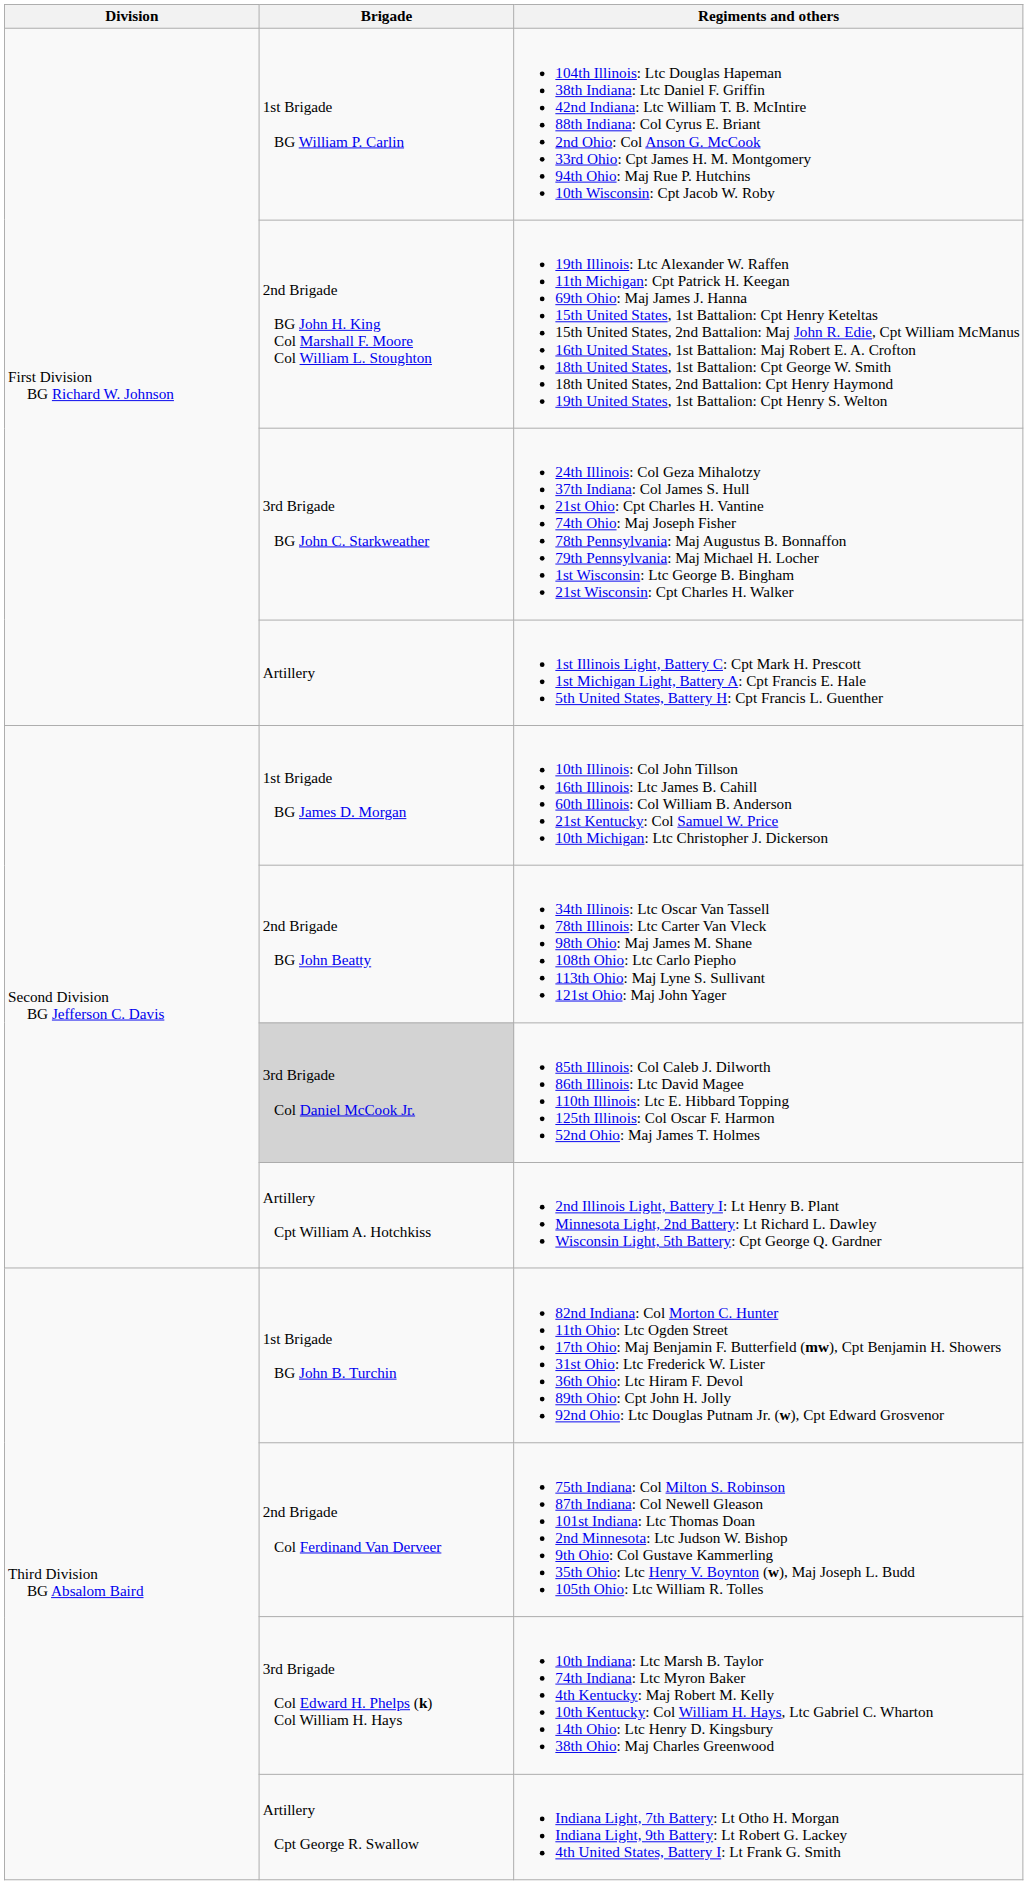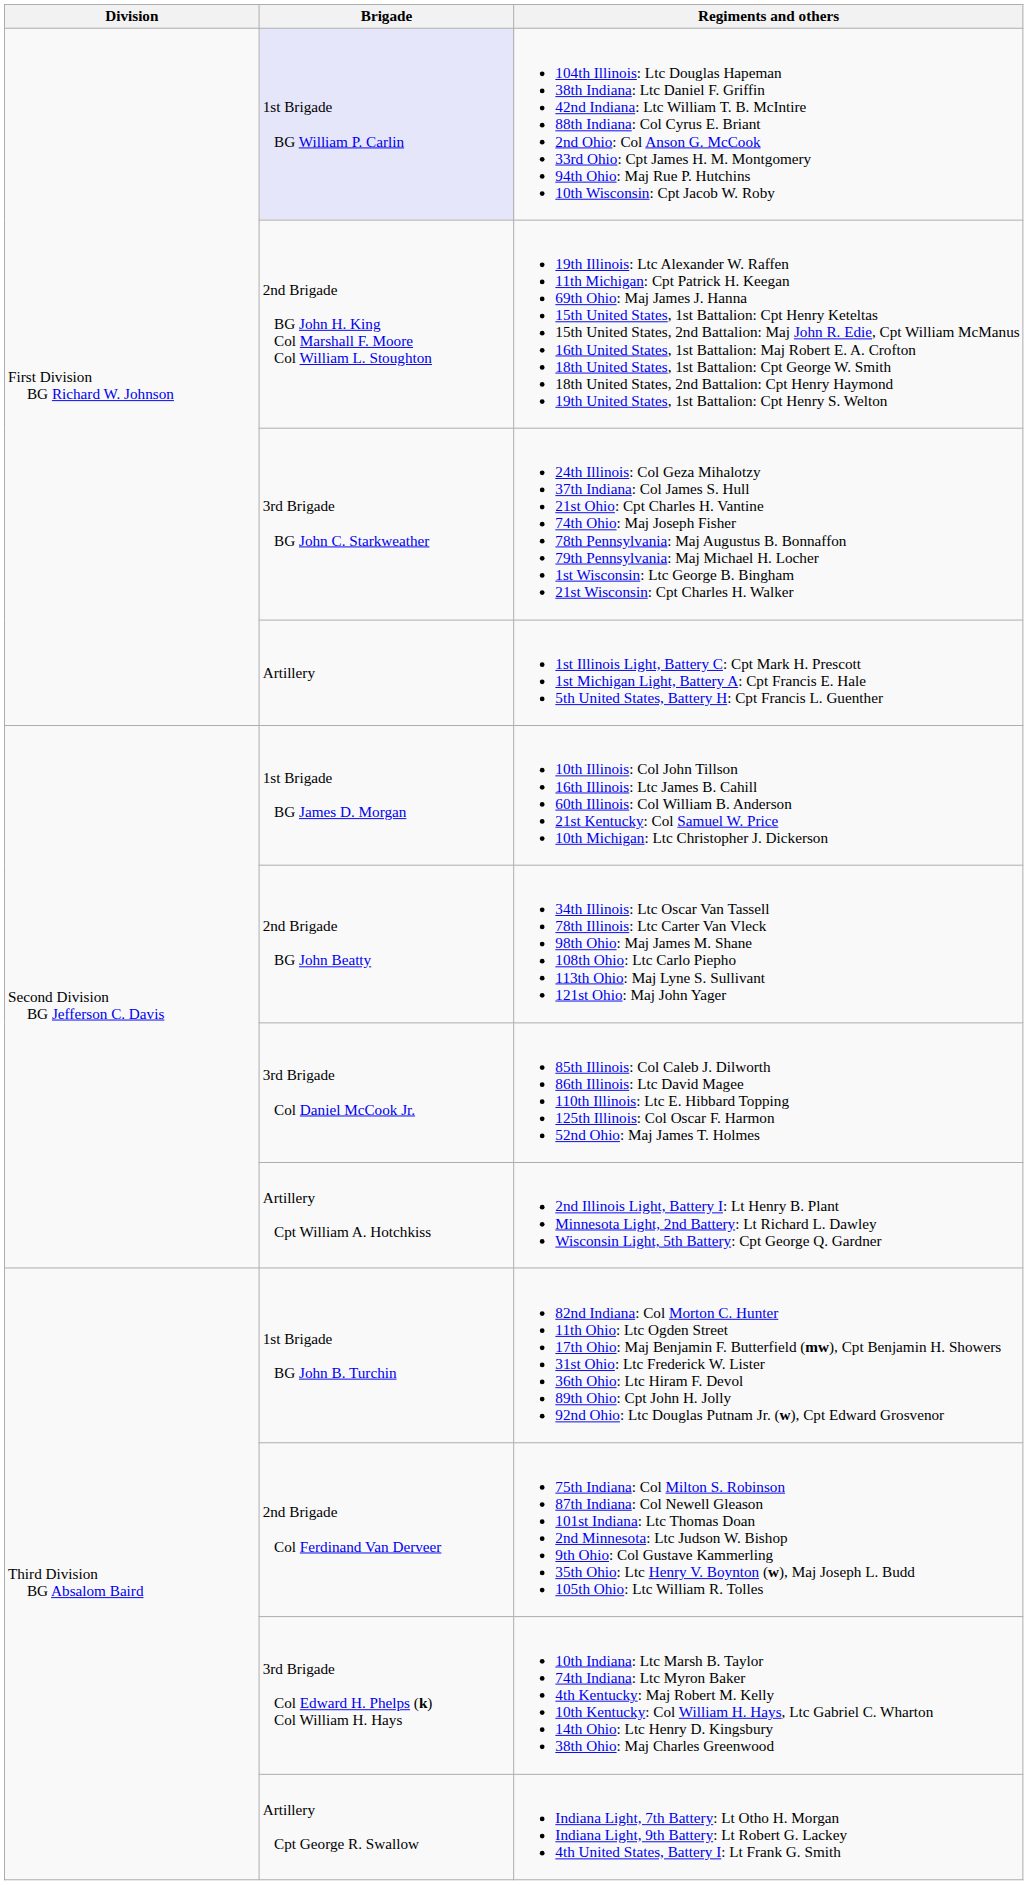 <table class="wikitable">
 <tr>
 <th width=25%>Division</th>
 <th width=25%>Brigade</th>
 <th>Regiments and others</th>
 </tr>
 <tr>
 <td rowspan=4><br>First Division <br>     BG <a href='#'>Richard W. Johnson</a></td>
-<td>1st Brigade<br><br>   BG <a href='#'>William P. Carlin</a></td>
+<td style="background: lavender;">1st Brigade<br><br>   BG <a href='#'>William P. Carlin</a></td>
 <td><br><ul><li><a href='#'>104th Illinois</a>: Ltc Douglas Hapeman</li><li><a href='#'>38th Indiana</a>: Ltc Daniel F. Griffin</li><li><a href='#'>42nd Indiana</a>: Ltc William T. B. McIntire</li><li><a href='#'>88th Indiana</a>: Col Cyrus E. Briant</li><li><a href='#'>2nd Ohio</a>: Col <a href='#'>Anson G. McCook</a></li><li><a href='#'>33rd Ohio</a>: Cpt James H. M. Montgomery</li><li><a href='#'>94th Ohio</a>: Maj Rue P. Hutchins</li><li><a href='#'>10th Wisconsin</a>: Cpt Jacob W. Roby</li></ul></td>
 </tr>
 <tr>
 <td>2nd Brigade<br><br>   BG <a href='#'>John H. King</a> <br>   Col <a href='#'>Marshall F. Moore</a> <br>   Col <a href='#'>William L. Stoughton</a></td>
 <td><br><ul><li><a href='#'>19th Illinois</a>: Ltc Alexander W. Raffen</li><li><a href='#'>11th Michigan</a>: Cpt Patrick H. Keegan</li><li><a href='#'>69th Ohio</a>: Maj James J. Hanna</li><li><a href='#'>15th United States</a>, 1st Battalion: Cpt Henry Keteltas</li><li>15th United States, 2nd Battalion: Maj <a href='#'>John R. Edie</a>, Cpt William McManus</li><li><a href='#'>16th United States</a>, 1st Battalion: Maj Robert E. A. Crofton</li><li><a href='#'>18th United States</a>, 1st Battalion: Cpt George W. Smith</li><li>18th United States, 2nd Battalion: Cpt Henry Haymond</li><li><a href='#'>19th United States</a>, 1st Battalion: Cpt Henry S. Welton</li></ul></td>
 </tr>
 <tr>
 <td>3rd Brigade<br><br>   BG <a href='#'>John C. Starkweather</a></td>
 <td><br><ul><li><a href='#'>24th Illinois</a>: Col Geza Mihalotzy</li><li><a href='#'>37th Indiana</a>: Col James S. Hull</li><li><a href='#'>21st Ohio</a>: Cpt Charles H. Vantine</li><li><a href='#'>74th Ohio</a>: Maj Joseph Fisher</li><li><a href='#'>78th Pennsylvania</a>: Maj Augustus B. Bonnaffon</li><li><a href='#'>79th Pennsylvania</a>: Maj Michael H. Locher</li><li><a href='#'>1st Wisconsin</a>: Ltc George B. Bingham</li><li><a href='#'>21st Wisconsin</a>: Cpt Charles H. Walker</li></ul></td>
 </tr>
 <tr>
 <td>Artillery</td>
 <td><br><ul><li><a href='#'>1st Illinois Light, Battery C</a>: Cpt Mark H. Prescott</li><li><a href='#'>1st Michigan Light, Battery A</a>: Cpt Francis E. Hale</li><li><a href='#'>5th United States, Battery H</a>: Cpt Francis L. Guenther</li></ul></td>
 </tr>
 <tr>
 <td rowspan=4><br>Second Division <br>     BG <a href='#'>Jefferson C. Davis</a></td>
 <td>1st Brigade<br><br>   BG <a href='#'>James D. Morgan</a></td>
 <td><br><ul><li><a href='#'>10th Illinois</a>: Col John Tillson</li><li><a href='#'>16th Illinois</a>: Ltc James B. Cahill</li><li><a href='#'>60th Illinois</a>: Col William B. Anderson</li><li><a href='#'>21st Kentucky</a>: Col <a href='#'>Samuel W. Price</a></li><li><a href='#'>10th Michigan</a>: Ltc Christopher J. Dickerson</li></ul></td>
 </tr>
 <tr>
 <td>2nd Brigade<br><br>   BG <a href='#'>John Beatty</a></td>
 <td><br><ul><li><a href='#'>34th Illinois</a>: Ltc Oscar Van Tassell</li><li><a href='#'>78th Illinois</a>: Ltc Carter Van Vleck</li><li><a href='#'>98th Ohio</a>: Maj James M. Shane</li><li><a href='#'>108th Ohio</a>: Ltc Carlo Piepho</li><li><a href='#'>113th Ohio</a>: Maj Lyne S. Sullivant</li><li><a href='#'>121st Ohio</a>: Maj John Yager</li></ul></td>
 </tr>
 <tr>
-<td style="background: lightgrey;">3rd Brigade<br><br>   Col <a href='#'>Daniel McCook Jr.</a></td>
+<td>3rd Brigade<br><br>   Col <a href='#'>Daniel McCook Jr.</a></td>
 <td><br><ul><li><a href='#'>85th Illinois</a>: Col Caleb J. Dilworth</li><li><a href='#'>86th Illinois</a>: Ltc David Magee</li><li><a href='#'>110th Illinois</a>: Ltc E. Hibbard Topping</li><li><a href='#'>125th Illinois</a>: Col Oscar F. Harmon</li><li><a href='#'>52nd Ohio</a>: Maj James T. Holmes</li></ul></td>
 </tr>
 <tr>
 <td>Artillery<br><br>   Cpt William A. Hotchkiss</td>
 <td><br><ul><li><a href='#'>2nd Illinois Light, Battery I</a>: Lt Henry B. Plant</li><li><a href='#'>Minnesota Light, 2nd Battery</a>: Lt Richard L. Dawley</li><li><a href='#'>Wisconsin Light, 5th Battery</a>: Cpt George Q. Gardner</li></ul></td>
 </tr>
 <tr>
 <td rowspan=4><br>Third Division <br>     BG <a href='#'>Absalom Baird</a></td>
 <td>1st Brigade<br><br>   BG <a href='#'>John B. Turchin</a></td>
 <td><br><ul><li><a href='#'>82nd Indiana</a>: Col <a href='#'>Morton C. Hunter</a></li><li><a href='#'>11th Ohio</a>: Ltc Ogden Street</li><li><a href='#'>17th Ohio</a>: Maj Benjamin F. Butterfield (<strong>mw</strong>), Cpt Benjamin H. Showers</li><li><a href='#'>31st Ohio</a>: Ltc Frederick W. Lister</li><li><a href='#'>36th Ohio</a>: Ltc Hiram F. Devol</li><li><a href='#'>89th Ohio</a>: Cpt John H. Jolly</li><li><a href='#'>92nd Ohio</a>: Ltc Douglas Putnam Jr. (<strong>w</strong>), Cpt Edward Grosvenor</li></ul></td>
 </tr>
 <tr>
 <td>2nd Brigade<br><br>   Col <a href='#'>Ferdinand Van Derveer</a></td>
 <td><br><ul><li><a href='#'>75th Indiana</a>: Col <a href='#'>Milton S. Robinson</a></li><li><a href='#'>87th Indiana</a>: Col Newell Gleason</li><li><a href='#'>101st Indiana</a>: Ltc Thomas Doan</li><li><a href='#'>2nd Minnesota</a>: Ltc Judson W. Bishop</li><li><a href='#'>9th Ohio</a>: Col Gustave Kammerling</li><li><a href='#'>35th Ohio</a>: Ltc <a href='#'>Henry V. Boynton</a> (<strong>w</strong>), Maj Joseph L. Budd</li><li><a href='#'>105th Ohio</a>: Ltc William R. Tolles</li></ul></td>
 </tr>
 <tr>
 <td>3rd Brigade<br><br>   Col <a href='#'>Edward H. Phelps</a> (<strong>k</strong>) <br>   Col William H. Hays</td>
 <td><br><ul><li><a href='#'>10th Indiana</a>: Ltc Marsh B. Taylor</li><li><a href='#'>74th Indiana</a>: Ltc Myron Baker</li><li><a href='#'>4th Kentucky</a>: Maj Robert M. Kelly</li><li><a href='#'>10th Kentucky</a>: Col <a href='#'>William H. Hays</a>, Ltc Gabriel C. Wharton</li><li><a href='#'>14th Ohio</a>: Ltc Henry D. Kingsbury</li><li><a href='#'>38th Ohio</a>: Maj Charles Greenwood</li></ul></td>
 </tr>
 <tr>
 <td>Artillery<br><br>   Cpt George R. Swallow</td>
 <td><br><ul><li><a href='#'>Indiana Light, 7th Battery</a>: Lt Otho H. Morgan</li><li><a href='#'>Indiana Light, 9th Battery</a>: Lt Robert G. Lackey</li><li><a href='#'>4th United States, Battery I</a>: Lt Frank G. Smith</li></ul></td>
 </tr>
 </table>
